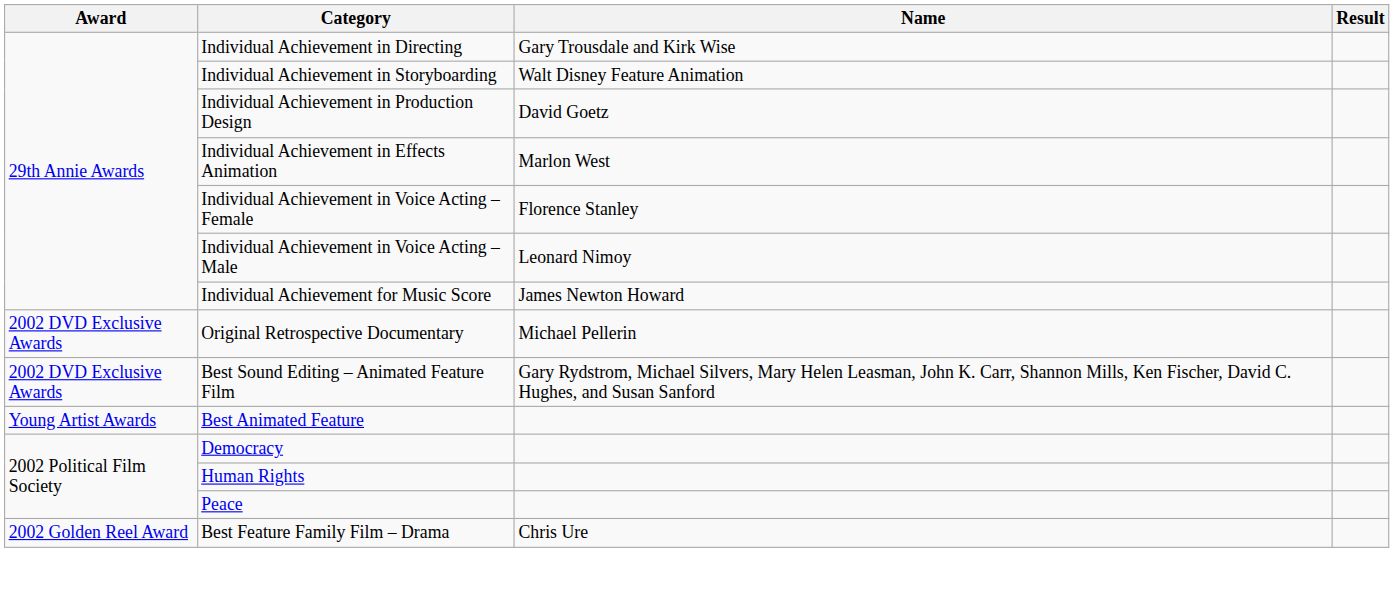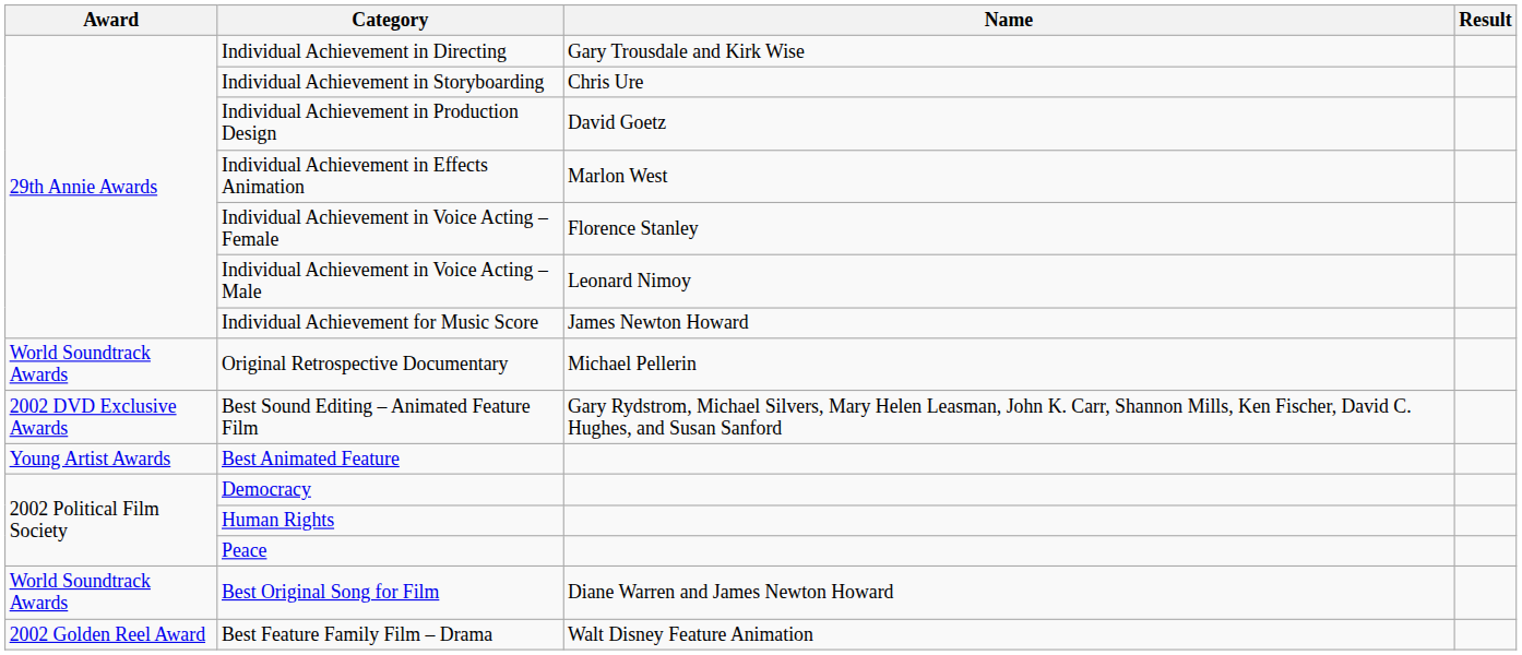 <table class="plainrowheaders wikitable" style="align:center;">
 <tr>
 <th scope="col">Award</th>
 <th scope="col">Category</th>
 <th scope="col">Name</th>
 <th scope="col">Result</th>
 </tr>
 <tr>
 <td rowspan="7"><a href='#'>29th Annie Awards</a></td>
 <td>Individual Achievement in Directing</td>
 <td>Gary Trousdale and Kirk Wise</td>
 <td></td>
 </tr>
 <tr>
 <td>Individual Achievement in Storyboarding</td>
-<td>Walt Disney Feature Animation</td>
+<td>Chris Ure</td>
 <td></td>
 </tr>
 <tr>
 <td>Individual Achievement in Production Design</td>
 <td>David Goetz</td>
 <td></td>
 </tr>
 <tr>
 <td>Individual Achievement in Effects Animation</td>
 <td>Marlon West</td>
 <td></td>
 </tr>
 <tr>
 <td>Individual Achievement in Voice Acting – Female</td>
 <td>Florence Stanley</td>
 <td></td>
 </tr>
 <tr>
 <td>Individual Achievement in Voice Acting – Male</td>
 <td>Leonard Nimoy</td>
 <td></td>
 </tr>
 <tr>
 <td>Individual Achievement for Music Score</td>
 <td>James Newton Howard</td>
 <td></td>
 </tr>
 <tr>
-<td><a href='#'>2002 DVD Exclusive Awards</a></td>
+<td><a href='#'>World Soundtrack Awards</a></td>
 <td>Original Retrospective Documentary</td>
 <td>Michael Pellerin</td>
 <td></td>
 </tr>
 <tr>
 <td><a href='#'>2002 DVD Exclusive Awards</a></td>
 <td>Best Sound Editing – Animated Feature Film</td>
 <td>Gary Rydstrom, Michael Silvers, Mary Helen Leasman, John K. Carr, Shannon Mills, Ken Fischer, David C. Hughes, and Susan Sanford</td>
 <td></td>
 </tr>
 <tr>
 <td><a href='#'>Young Artist Awards</a></td>
 <td><a href='#'>Best Animated Feature</a></td>
 <td></td>
 <td></td>
 </tr>
 <tr>
 <td rowspan="3">2002 Political Film Society</td>
 <td><a href='#'>Democracy</a></td>
 <td></td>
 <td></td>
 </tr>
 <tr>
 <td><a href='#'>Human Rights</a></td>
 <td></td>
 <td></td>
 </tr>
 <tr>
 <td><a href='#'>Peace</a></td>
 <td></td>
 <td></td>
 </tr>
 <tr>
+<td><a href='#'>World Soundtrack Awards</a></td>
+<td><a href='#'>Best Original Song for Film</a></td>
+<td>Diane Warren and James Newton Howard</td>
+<td></td>
+</tr>
+<tr>
 <td><a href='#'>2002 Golden Reel Award</a></td>
 <td>Best Feature Family Film – Drama</td>
-<td>Chris Ure</td>
+<td>Walt Disney Feature Animation</td>
 <td></td>
 </tr>
 </table>
